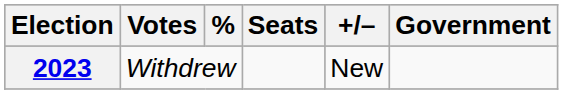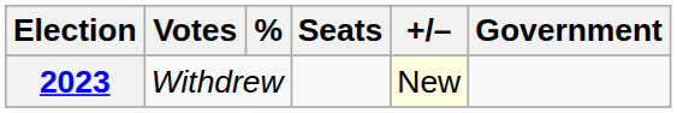 <table class="wikitable">
 <tr>
 <th>Election</th>
 <th>Votes</th>
 <th>%</th>
 <th>Seats</th>
 <th>+/–</th>
 <th>Government</th>
 </tr>
 <tr>
 <th><a href='#'>2023</a></th>
 <td colspan="2"><em>Withdrew</em></td>
 <td></td>
-<td>New</td>
+<td style="background: lightyellow;">New</td>
 <td></td>
 </tr>
 </table>
